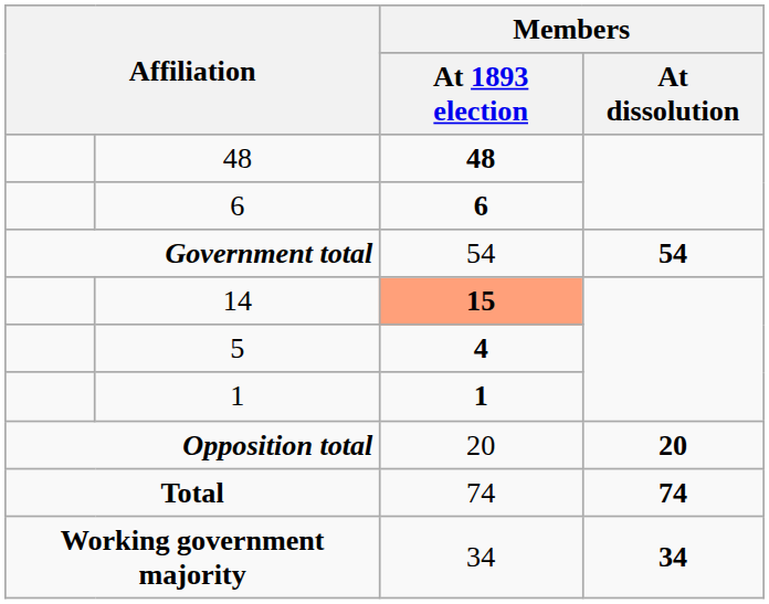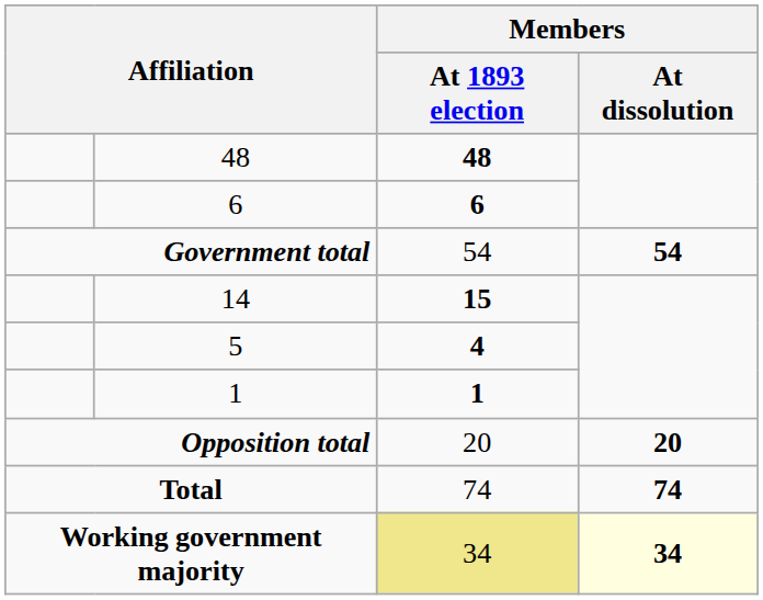 <table class="wikitable" border="1" style="font-size:95%; width:300pt; text-align:center">
 <tr>
 <th colspan="2" rowspan="2" style="text-align:center;vertical-align:middle; ">Affiliation</th>
 <th colspan="2" style="vertical-align:top;">Members</th>
 </tr>
 <tr>
 <th>At <a href='#'>1893 election</a></th>
 <th>At dissolution</th>
 </tr>
 <tr>
 <td></td>
 <td>48</td>
 <td><strong>48</strong></td>
 </tr>
 <tr>
 <td></td>
 <td>6</td>
 <td><strong>6</strong></td>
 </tr>
 <tr>
 <td colspan="2" style="text-align:right; "><strong><em>Government total</em></strong></td>
 <td>54</td>
 <td><strong>54</strong></td>
 </tr>
 <tr>
 <td></td>
 <td>14</td>
-<td style="background: lightsalmon;"><strong>15</strong></td>
+<td><strong>15</strong></td>
 </tr>
 <tr>
 <td></td>
 <td>5</td>
 <td><strong>4</strong></td>
 </tr>
 <tr>
 <td></td>
 <td>1</td>
 <td><strong>1</strong></td>
 </tr>
 <tr>
 <td colspan="2" style="text-align:right;"><strong><em>Opposition total</em></strong></td>
 <td>20</td>
 <td><strong>20</strong></td>
 </tr>
 <tr>
 <td colspan="2"><strong>Total</strong></td>
 <td>74</td>
 <td><strong>74</strong></td>
 </tr>
 <tr>
 <td colspan="2"><strong>Working government majority</strong></td>
-<td>34</td>
-<td><strong>34</strong></td>
+<td style="background: khaki;">34</td>
+<td style="background: lightyellow;"><strong>34</strong></td>
 </tr>
 </table>
